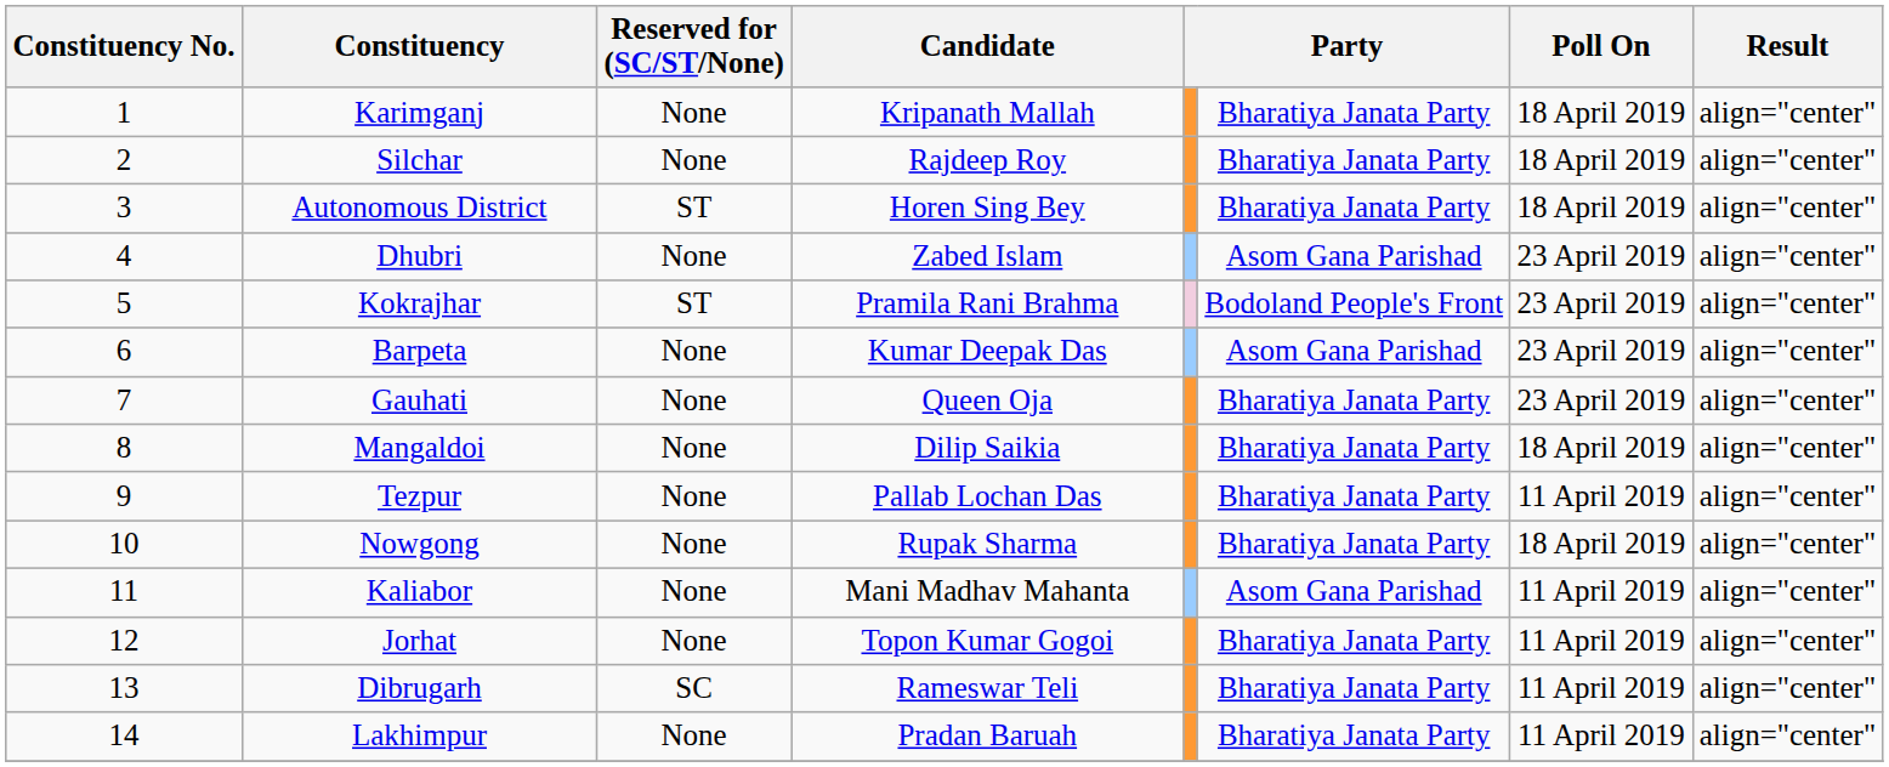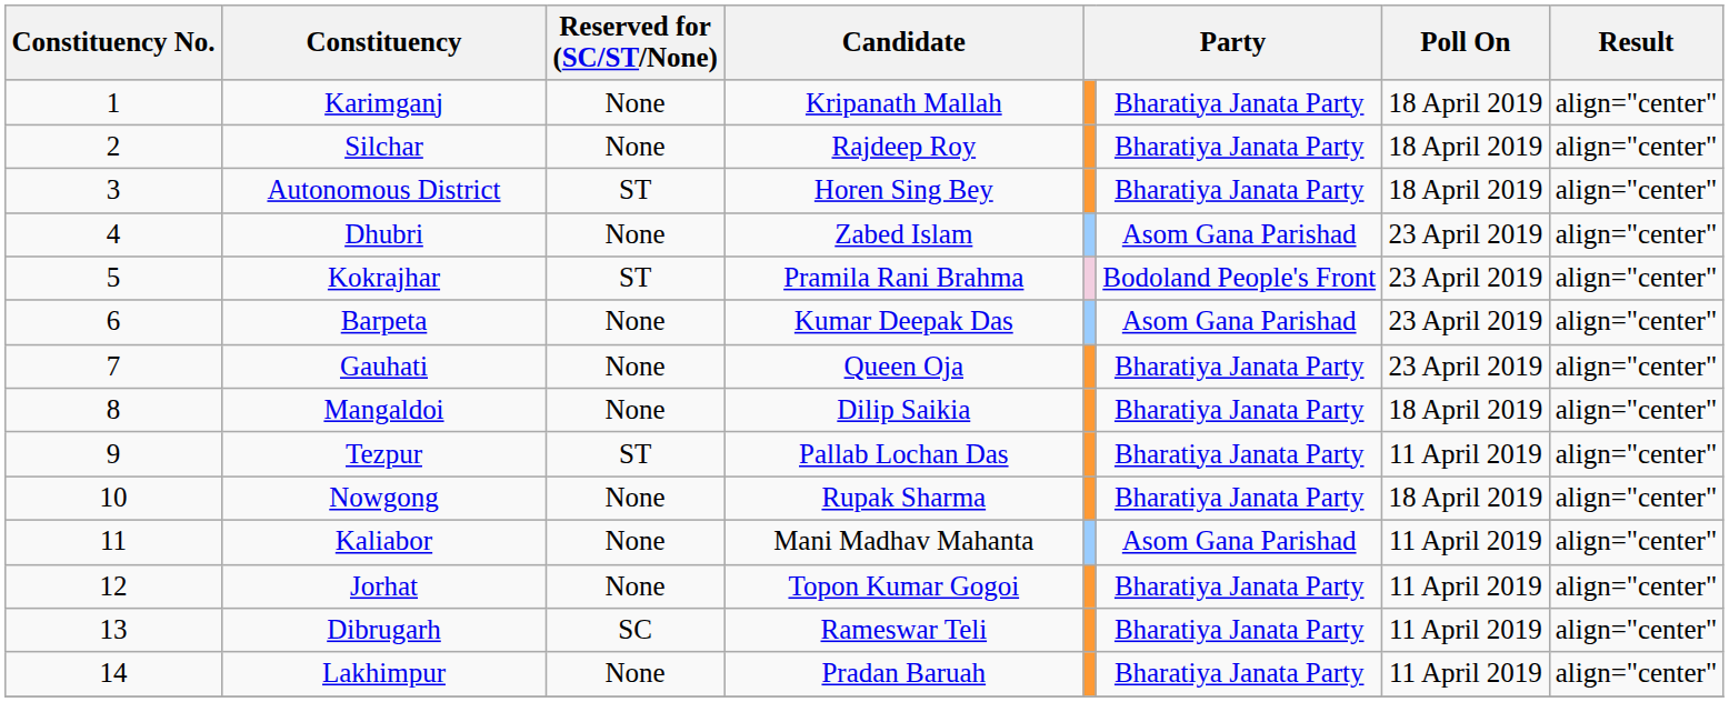 <table class="wikitable sortable" style="text-align:center;">
 <tr>
 <th>Constituency No.</th>
 <th style="width:180px;">Constituency</th>
 <th>Reserved for<br>(<a href='#'>SC/ST</a>/None)</th>
 <th style="width:200px;">Candidate</th>
 <th colspan="2">Party</th>
 <th>Poll On</th>
 <th>Result</th>
 </tr>
 <tr>
 <td align="center">1</td>
 <td><a href='#'>Karimganj</a></td>
 <td align="center">None</td>
 <td><a href='#'>Kripanath Mallah</a></td>
 <td bgcolor=#FF9933></td>
 <td><a href='#'>Bharatiya Janata Party</a></td>
 <td align="center">18 April 2019</td>
 <td>align="center" </td>
 </tr>
 <tr>
 <td align="center">2</td>
 <td><a href='#'>Silchar</a></td>
 <td align="center">None</td>
 <td><a href='#'>Rajdeep Roy</a></td>
 <td bgcolor=#FF9933></td>
 <td><a href='#'>Bharatiya Janata Party</a></td>
 <td align="center">18 April 2019</td>
 <td>align="center" </td>
 </tr>
 <tr>
 <td align="center">3</td>
 <td><a href='#'>Autonomous District</a></td>
 <td align="center">ST</td>
 <td><a href='#'>Horen Sing Bey</a></td>
 <td bgcolor=#FF9933></td>
 <td><a href='#'>Bharatiya Janata Party</a></td>
 <td align="center">18 April 2019</td>
 <td>align="center" </td>
 </tr>
 <tr>
 <td align="center">4</td>
 <td><a href='#'>Dhubri</a></td>
 <td align="center">None</td>
 <td><a href='#'>Zabed Islam</a></td>
 <td bgcolor=#99CCFF></td>
 <td><a href='#'>Asom Gana Parishad</a></td>
 <td align="center">23 April 2019</td>
 <td>align="center" </td>
 </tr>
 <tr>
 <td align="center">5</td>
 <td><a href='#'>Kokrajhar</a></td>
 <td align="center">ST</td>
 <td><a href='#'>Pramila Rani Brahma</a></td>
 <td bgcolor=#F2CEE0></td>
 <td><a href='#'>Bodoland People's Front</a></td>
 <td align="center">23 April 2019</td>
 <td>align="center" </td>
 </tr>
 <tr>
 <td align="center">6</td>
 <td><a href='#'>Barpeta</a></td>
 <td align="center">None</td>
 <td><a href='#'>Kumar Deepak Das</a></td>
 <td bgcolor=#99CCFF></td>
 <td><a href='#'>Asom Gana Parishad</a></td>
 <td align="center">23 April 2019</td>
 <td>align="center" </td>
 </tr>
 <tr>
 <td align="center">7</td>
 <td><a href='#'>Gauhati</a></td>
 <td align="center">None</td>
 <td><a href='#'>Queen Oja</a></td>
 <td bgcolor=#FF9933></td>
 <td><a href='#'>Bharatiya Janata Party</a></td>
 <td align="center">23 April 2019</td>
 <td>align="center" </td>
 </tr>
 <tr>
 <td align="center">8</td>
 <td><a href='#'>Mangaldoi</a></td>
 <td align="center">None</td>
 <td><a href='#'>Dilip Saikia</a></td>
 <td bgcolor=#FF9933></td>
 <td><a href='#'>Bharatiya Janata Party</a></td>
 <td align="center">18 April 2019</td>
 <td>align="center" </td>
 </tr>
 <tr>
 <td align="center">9</td>
 <td><a href='#'>Tezpur</a></td>
-<td align="center">None</td>
+<td align="center">ST</td>
 <td><a href='#'>Pallab Lochan Das</a></td>
 <td bgcolor=#FF9933></td>
 <td><a href='#'>Bharatiya Janata Party</a></td>
 <td align="center">11 April 2019</td>
 <td>align="center" </td>
 </tr>
 <tr>
 <td align="center">10</td>
 <td><a href='#'>Nowgong</a></td>
 <td align="center">None</td>
 <td><a href='#'>Rupak Sharma</a></td>
 <td bgcolor=#FF9933></td>
 <td><a href='#'>Bharatiya Janata Party</a></td>
 <td align="center">18 April 2019</td>
 <td>align="center" </td>
 </tr>
 <tr>
 <td align="center">11</td>
 <td><a href='#'>Kaliabor</a></td>
 <td align="center">None</td>
 <td>Mani Madhav Mahanta</td>
 <td bgcolor=#99CCFF></td>
 <td><a href='#'>Asom Gana Parishad</a></td>
 <td align="center">11 April 2019</td>
 <td>align="center" </td>
 </tr>
 <tr>
 <td align="center">12</td>
 <td><a href='#'>Jorhat</a></td>
 <td align="center">None</td>
 <td><a href='#'>Topon Kumar Gogoi</a></td>
 <td bgcolor=#FF9933></td>
 <td><a href='#'>Bharatiya Janata Party</a></td>
 <td align="center">11 April 2019</td>
 <td>align="center" </td>
 </tr>
 <tr>
 <td align="center">13</td>
 <td><a href='#'>Dibrugarh</a></td>
 <td align="center">SC</td>
 <td><a href='#'>Rameswar Teli</a></td>
 <td bgcolor=#FF9933></td>
 <td><a href='#'>Bharatiya Janata Party</a></td>
 <td align="center">11 April 2019</td>
 <td>align="center" </td>
 </tr>
 <tr>
 <td align="center">14</td>
 <td><a href='#'>Lakhimpur</a></td>
 <td align="center">None</td>
 <td><a href='#'>Pradan Baruah</a></td>
 <td bgcolor=#FF9933></td>
 <td><a href='#'>Bharatiya Janata Party</a></td>
 <td align="center">11 April 2019</td>
 <td>align="center" </td>
 </tr>
 <tr>
 </tr>
 </table>
